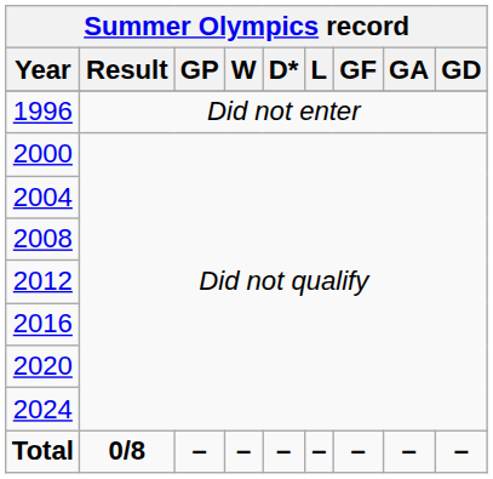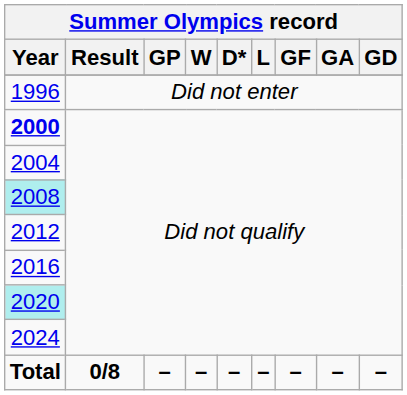 <table class="wikitable" style="text-align: center; width:35%;">
 <tr>
 <th colspan=10><a href='#'>Summer Olympics</a> record</th>
 </tr>
 <tr>
 <th>Year</th>
 <th>Result</th>
 <th>GP</th>
 <th>W</th>
 <th>D*</th>
 <th>L</th>
 <th>GF</th>
 <th>GA</th>
 <th>GD</th>
 </tr>
 <tr>
 </tr>
 <tr>
 <td> <a href='#'>1996</a></td>
 <td colspan=9><em>Did not enter</em></td>
 </tr>
 <tr>
-<td> <a href='#'>2000</a></td>
+<td><strong> <a href='#'>2000</a></strong></td>
 <td colspan=9 rowspan=7><em>Did not qualify</em></td>
 </tr>
 <tr>
 <td> <a href='#'>2004</a></td>
 </tr>
 <tr>
-<td> <a href='#'>2008</a></td>
+<td style="background: paleturquoise;"> <a href='#'>2008</a></td>
 </tr>
 <tr>
 <td> <a href='#'>2012</a></td>
 </tr>
 <tr>
 <td> <a href='#'>2016</a></td>
 </tr>
 <tr>
-<td> <a href='#'>2020</a></td>
+<td style="background: paleturquoise;"> <a href='#'>2020</a></td>
 </tr>
 <tr>
 <td> <a href='#'>2024</a></td>
 </tr>
 <tr>
 <td><strong>Total</strong></td>
 <td><strong>0/8</strong></td>
 <td><strong>–</strong></td>
 <td><strong>–</strong></td>
 <td><strong>–</strong></td>
 <td><strong>–</strong></td>
 <td><strong>–</strong></td>
 <td><strong>–</strong></td>
 <td><strong>–</strong></td>
 </tr>
 </table>
